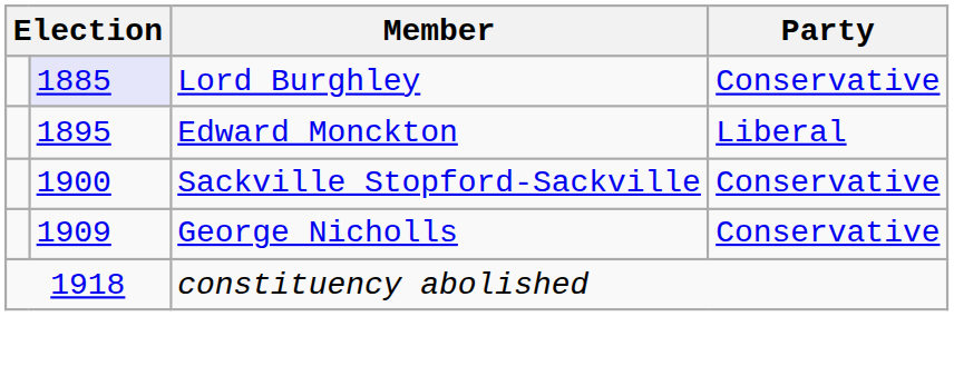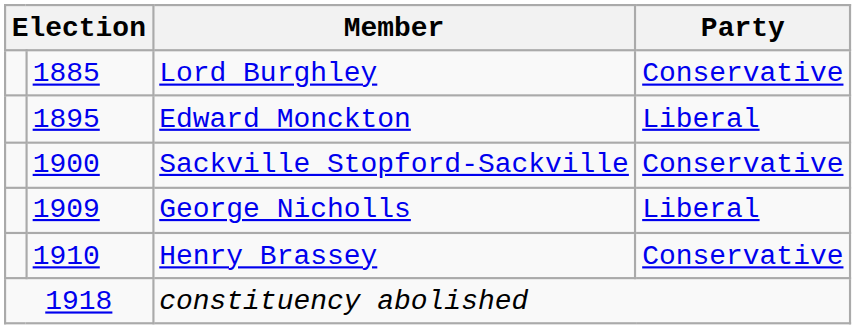 <table class="wikitable">
 <tr>
 <th colspan="2">Election</th>
 <th>Member</th>
 <th>Party</th>
 </tr>
 <tr>
 <td style="color:inherit;background-color: "></td>
-<td style="background: lavender;"><a href='#'>1885</a></td>
+<td><a href='#'>1885</a></td>
 <td><a href='#'>Lord Burghley</a></td>
 <td><a href='#'>Conservative</a></td>
 </tr>
 <tr>
 <td style="color:inherit;background-color: "></td>
 <td><a href='#'>1895</a></td>
 <td><a href='#'>Edward Monckton</a></td>
 <td><a href='#'>Liberal</a></td>
 </tr>
 <tr>
 <td style="color:inherit;background-color: "></td>
 <td><a href='#'>1900</a></td>
 <td><a href='#'>Sackville Stopford-Sackville</a></td>
 <td><a href='#'>Conservative</a></td>
 </tr>
 <tr>
 <td style="color:inherit;background-color: "></td>
 <td><a href='#'>1909</a></td>
 <td><a href='#'>George Nicholls</a></td>
+<td><a href='#'>Liberal</a></td>
+</tr>
+<tr>
+<td style="color:inherit;background-color: "></td>
+<td><a href='#'>1910</a></td>
+<td><a href='#'>Henry Brassey</a></td>
 <td><a href='#'>Conservative</a></td>
 </tr>
 <tr>
 <td colspan="2" align="center"><a href='#'>1918</a></td>
 <td colspan="2"><em>constituency abolished</em></td>
 </tr>
 </table>
